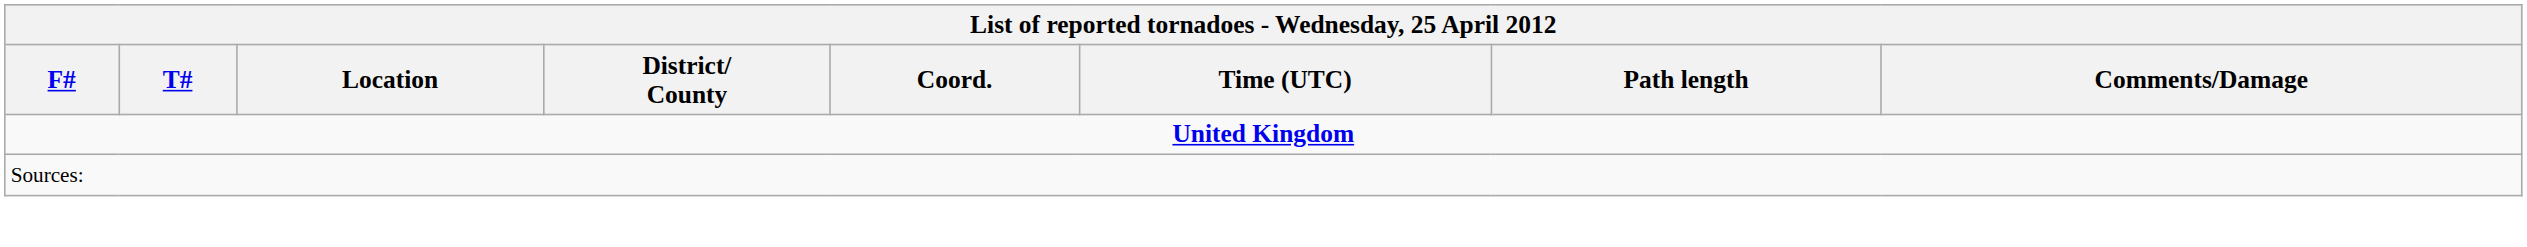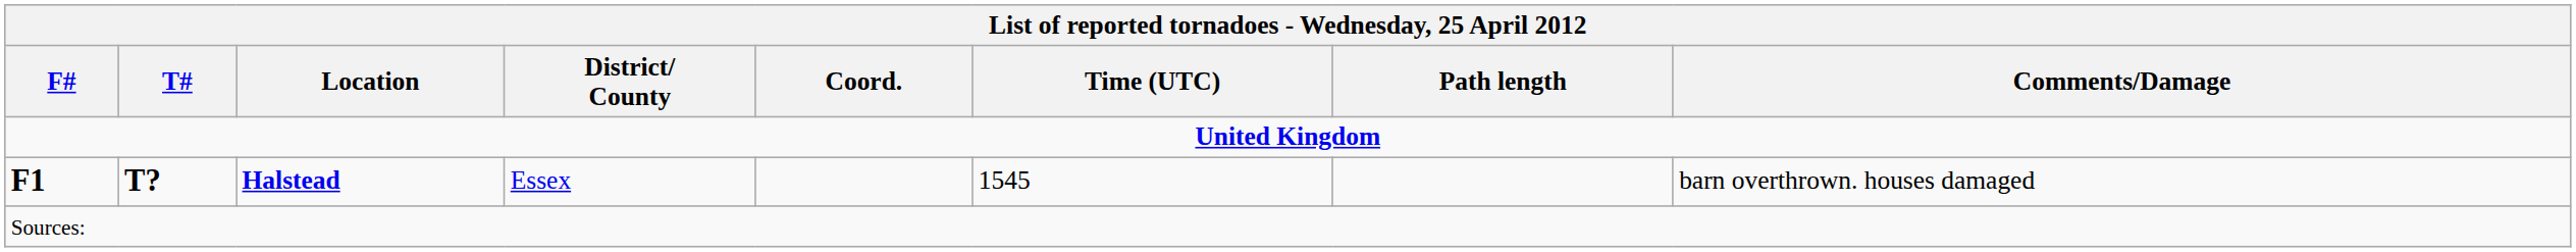 <table class="wikitable collapsible" width="100%">
 <tr>
 <th colspan="8">List of reported tornadoes - Wednesday, 25 April 2012</th>
 </tr>
 <tr>
 <th><a href='#'>F#</a></th>
 <th><a href='#'>T#</a></th>
 <th>Location</th>
 <th>District/<br>County</th>
 <th>Coord.</th>
 <th>Time (UTC)</th>
 <th>Path length</th>
 <th>Comments/Damage</th>
 </tr>
 <tr>
 <td colspan="8" align=center><strong><a href='#'>United Kingdom</a></strong></td>
 </tr>
 <tr>
+<td><big><strong>F1</strong></big></td>
+<td><big><strong>T?</strong></big></td>
+<td><strong><a href='#'>Halstead</a></strong></td>
+<td><a href='#'>Essex</a></td>
+<td></td>
+<td>1545</td>
+<td></td>
+<td>barn overthrown. houses damaged</td>
+</tr>
+<tr>
 <td colspan="8"><small>Sources:  </small></td>
 </tr>
 </table>
